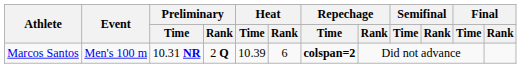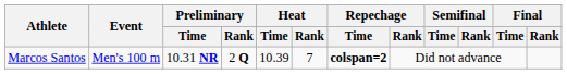 <table class="wikitable" style="font-size:90%">
 <tr>
 <th rowspan=2>Athlete</th>
 <th rowspan=2>Event</th>
 <th colspan=2>Preliminary</th>
 <th colspan=2>Heat</th>
 <th colspan=2>Repechage</th>
 <th colspan=2>Semifinal</th>
 <th colspan=2>Final</th>
 </tr>
 <tr style=font-size:95%>
 <th>Time</th>
 <th>Rank</th>
 <th>Time</th>
 <th>Rank</th>
 <th>Time</th>
 <th>Rank</th>
 <th>Time</th>
 <th>Rank</th>
 <th>Time</th>
 <th>Rank</th>
 </tr>
 <tr align=center>
 <td align=left><a href='#'>Marcos Santos</a></td>
 <td align=left><a href='#'>Men's 100 m</a></td>
 <td>10.31 <strong><a href='#'>NR</a></strong></td>
 <td>2 <strong>Q</strong></td>
 <td>10.39</td>
-<td>6</td>
+<td>7</td>
 <td><strong>colspan=2 </strong></td>
 <td Colspan=4>Did not advance</td>
 </tr>
 </table>
